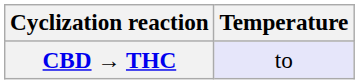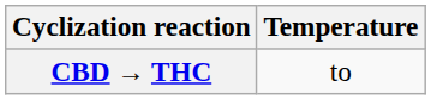 <table class="wikitable sortable" style="width: auto; text-align: center">
 <tr>
 <th>Cyclization reaction</th>
 <th>Temperature</th>
 </tr>
 <tr>
 <th><a href='#'>CBD</a> → <a href='#'>THC</a></th>
-<td style="background: lavender;"> to </td>
+<td> to </td>
 </tr>
 </table>
